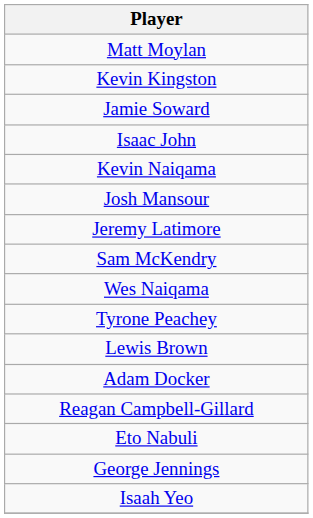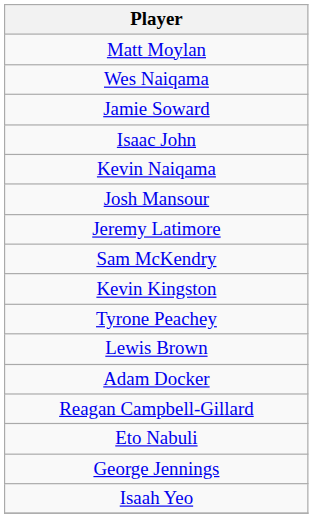 <table class="wikitable" style="text-align: center;">
 <tr>
 <th style="width:250px;">Player</th>
 </tr>
 <tr>
 <td><a href='#'>Matt Moylan</a></td>
 </tr>
 <tr>
-<td><a href='#'>Kevin Kingston</a></td>
+<td><a href='#'>Wes Naiqama</a></td>
 </tr>
 <tr>
 <td><a href='#'>Jamie Soward</a></td>
 </tr>
 <tr>
 <td><a href='#'>Isaac John</a></td>
 </tr>
 <tr>
 <td><a href='#'>Kevin Naiqama</a></td>
 </tr>
 <tr>
 <td><a href='#'>Josh Mansour</a></td>
 </tr>
 <tr>
 <td><a href='#'>Jeremy Latimore</a></td>
 </tr>
 <tr>
 <td><a href='#'>Sam McKendry</a></td>
 </tr>
 <tr>
-<td><a href='#'>Wes Naiqama</a></td>
+<td><a href='#'>Kevin Kingston</a></td>
 </tr>
 <tr>
 <td><a href='#'>Tyrone Peachey</a></td>
 </tr>
 <tr>
 <td><a href='#'>Lewis Brown</a></td>
 </tr>
 <tr>
 <td><a href='#'>Adam Docker</a></td>
 </tr>
 <tr>
 <td><a href='#'>Reagan Campbell-Gillard</a></td>
 </tr>
 <tr>
 <td><a href='#'>Eto Nabuli</a></td>
 </tr>
 <tr>
 <td><a href='#'>George Jennings</a></td>
 </tr>
 <tr>
 <td><a href='#'>Isaah Yeo</a></td>
 </tr>
 <tr>
 </tr>
 </table>
